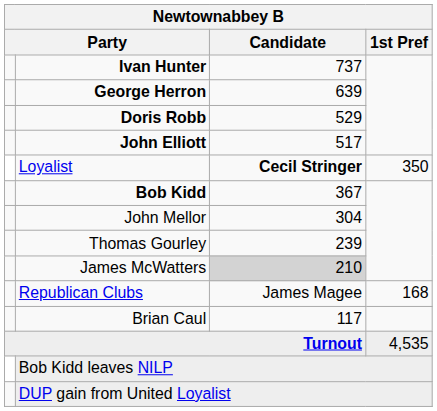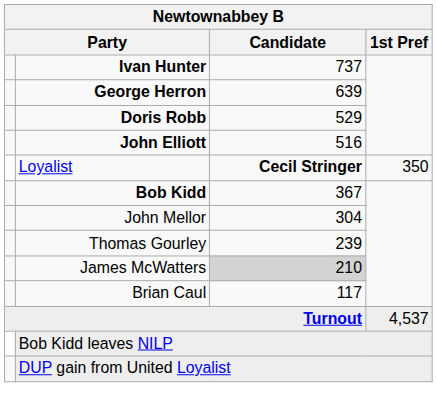 <table class="wikitable">
 <tr>
 <th colspan="4" align="center">Newtownabbey B</th>
 </tr>
 <tr>
 <th colspan="2" align="center" width=200>Party</th>
 <th width=150>Candidate</th>
 <th width=60>1st Pref</th>
 </tr>
 <tr>
 <td></td>
 <td align="right"><strong>Ivan Hunter</strong></td>
 <td align="right">737</td>
 </tr>
 <tr>
 <td></td>
 <td align="right"><strong>George Herron</strong></td>
 <td align="right">639</td>
 </tr>
 <tr>
 <td></td>
 <td align="right"><strong>Doris Robb</strong></td>
 <td align="right">529</td>
 </tr>
 <tr>
 <td></td>
 <td align="right"><strong>John Elliott</strong></td>
-<td align="right">517</td>
+<td align="right">516</td>
 </tr>
 <tr>
 <td style="background-color: #FFFFFF"></td>
 <td><a href='#'>Loyalist</a></td>
 <td align="right"><strong>Cecil Stringer</strong></td>
 <td align="right">350</td>
 </tr>
 <tr>
 <td></td>
 <td align="right"><strong>Bob Kidd</strong></td>
 <td align="right">367</td>
 </tr>
 <tr>
 <td></td>
 <td align="right">John Mellor</td>
 <td align="right">304</td>
 </tr>
 <tr>
 <td></td>
 <td align="right">Thomas Gourley</td>
 <td align="right">239</td>
 </tr>
 <tr>
 <td></td>
 <td align="right">James McWatters</td>
 <td align="right" style="background: lightgrey;">210</td>
 </tr>
 <tr>
-<td style="background-color: "></td>
-<td><a href='#'>Republican Clubs</a></td>
-<td align="right">James Magee</td>
-<td align="right">168</td>
-</tr>
-<tr>
 <td></td>
 <td align="right">Brian Caul</td>
 <td align="right">117</td>
 </tr>
 <tr bgcolor="EEEEEE">
 <td colspan=3 align="right"><strong><a href='#'>Turnout</a></strong></td>
-<td align="right">4,535</td>
+<td align="right">4,537</td>
 </tr>
 <tr>
 <td bgcolor=#FFFFFF></td>
 <td colspan=3 bgcolor="EEEEEE">Bob Kidd leaves <a href='#'>NILP</a></td>
 </tr>
 <tr>
 <td bgcolor=></td>
 <td colspan=3 bgcolor="EEEEEE"><a href='#'>DUP</a> gain from United <a href='#'>Loyalist</a></td>
 </tr>
 </table>
